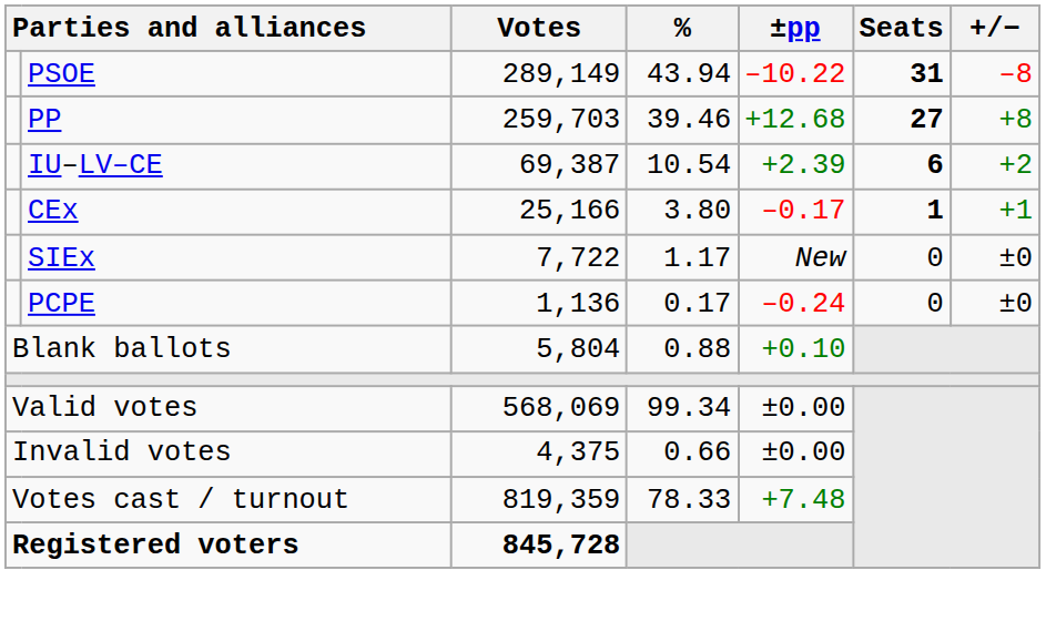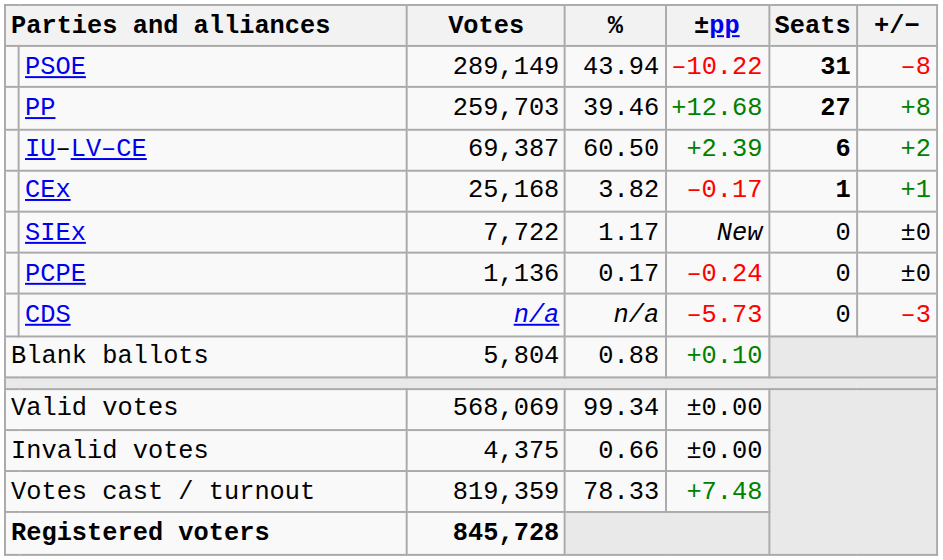 <table class="wikitable" style="text-align:right;">
 <tr>
 <th style="text-align:left;" colspan="2" width="200">Parties and alliances</th>
 <th width="75">Votes</th>
 <th width="45">%</th>
 <th width="45">±<a href='#'>pp</a></th>
 <th width="35">Seats</th>
 <th width="35">+/−</th>
 </tr>
 <tr>
 <td width="1" style="color:inherit;background:"></td>
 <td align="left"><a href='#'>PSOE</a></td>
 <td>289,149</td>
 <td>43.94</td>
 <td style="color:red;">–10.22</td>
 <td><strong>31</strong></td>
 <td style="color:red;">–8</td>
 </tr>
 <tr>
 <td style="color:inherit;background:"></td>
 <td align="left"><a href='#'>PP</a></td>
 <td>259,703</td>
 <td>39.46</td>
 <td style="color:green;">+12.68</td>
 <td><strong>27</strong></td>
 <td style="color:green;">+8</td>
 </tr>
 <tr>
 <td style="color:inherit;background:"></td>
 <td align="left"><a href='#'>IU</a>–<a href='#'>LV–CE</a></td>
 <td>69,387</td>
-<td>10.54</td>
+<td>60.50</td>
 <td style="color:green;">+2.39</td>
 <td><strong>6</strong></td>
 <td style="color:green;">+2</td>
 </tr>
 <tr>
 <td style="color:inherit;background:"></td>
 <td align="left"><a href='#'>CEx</a></td>
-<td>25,166</td>
-<td>3.80</td>
+<td>25,168</td>
+<td>3.82</td>
 <td style="color:red;">–0.17</td>
 <td><strong>1</strong></td>
 <td style="color:green;">+1</td>
 </tr>
 <tr>
 <td style="color:inherit;background:"></td>
 <td align="left"><a href='#'>SIEx</a></td>
 <td>7,722</td>
 <td>1.17</td>
 <td><em>New</em></td>
 <td>0</td>
 <td>±0</td>
 </tr>
 <tr>
 <td style="color:inherit;background:"></td>
 <td align="left"><a href='#'>PCPE</a></td>
 <td>1,136</td>
 <td>0.17</td>
 <td style="color:red;">–0.24</td>
 <td>0</td>
 <td>±0</td>
+</tr>
+<tr>
+<td style="color:inherit;background:"></td>
+<td align="left"><a href='#'>CDS</a></td>
+<td><em><a href='#'>n/a</a></em></td>
+<td><em>n/a</em></td>
+<td style="color:red;">–5.73</td>
+<td>0</td>
+<td style="color:red;">–3</td>
 </tr>
 <tr>
 <td align="left" colspan="2">Blank ballots</td>
 <td>5,804</td>
 <td>0.88</td>
 <td style="color:green;">+0.10</td>
 <td bgcolor="#E9E9E9" colspan="2"></td>
 </tr>
 <tr>
 <td colspan="7" bgcolor="#E9E9E9"></td>
 </tr>
 <tr>
 <td align="left" colspan="2">Valid votes</td>
 <td>568,069</td>
 <td>99.34</td>
 <td>±0.00</td>
 <td bgcolor="#E9E9E9" colspan="2" rowspan="4"></td>
 </tr>
 <tr>
 <td align="left" colspan="2">Invalid votes</td>
 <td>4,375</td>
 <td>0.66</td>
 <td>±0.00</td>
 </tr>
 <tr>
 <td align="left" colspan="2">Votes cast / turnout</td>
 <td>819,359</td>
 <td>78.33</td>
 <td style="color:green;">+7.48</td>
 </tr>
 <tr style="font-weight:bold;">
 <td align="left" colspan="2">Registered voters</td>
 <td>845,728</td>
 <td bgcolor="#E9E9E9" colspan="2"></td>
 </tr>
 </table>
